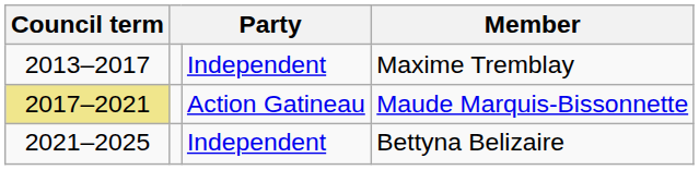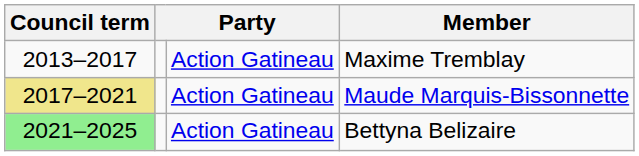 <table class="wikitable">
 <tr>
 <th>Council term</th>
 <th colspan="2">Party</th>
 <th>Member</th>
 </tr>
 <tr>
 <td align="center">2013–2017</td>
 <td style="color:inherit;background-color:"></td>
-<td><a href='#'>Independent</a></td>
+<td><a href='#'>Action Gatineau</a></td>
 <td>Maxime Tremblay</td>
 </tr>
 <tr>
 <td align="center" style="background: khaki;">2017–2021</td>
 <td style="color:inherit;background-color:"></td>
 <td><a href='#'>Action Gatineau</a></td>
 <td><a href='#'>Maude Marquis-Bissonnette</a></td>
 </tr>
 <tr>
-<td align="center">2021–2025</td>
+<td align="center" style="background: lightgreen;">2021–2025</td>
 <td style="color:inherit;background-color:"></td>
-<td><a href='#'>Independent</a></td>
+<td><a href='#'>Action Gatineau</a></td>
 <td>Bettyna Belizaire</td>
 </tr>
 </table>
